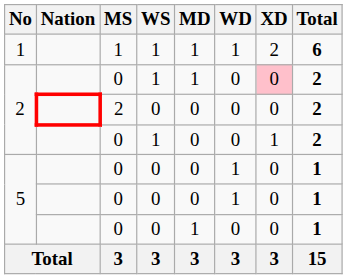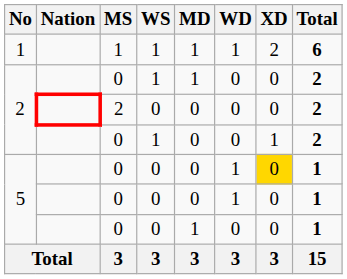 <table class="wikitable" style="text-align:center">
 <tr>
 <th>No</th>
 <th>Nation</th>
 <th>MS</th>
 <th>WS</th>
 <th>MD</th>
 <th>WD</th>
 <th>XD</th>
 <th>Total</th>
 </tr>
 <tr>
 <td>1</td>
 <td align=left></td>
 <td>1</td>
 <td>1</td>
 <td>1</td>
 <td>1</td>
 <td>2</td>
 <td><strong>6</strong></td>
 </tr>
 <tr>
 <td rowspan=3>2</td>
 <td align=left></td>
 <td>0</td>
 <td>1</td>
 <td>1</td>
 <td>0</td>
-<td style="background: pink;">0</td>
+<td>0</td>
 <td><strong>2</strong></td>
 </tr>
 <tr>
 <td align="left" style="border: 3px solid red"><strong></strong></td>
 <td>2</td>
 <td>0</td>
 <td>0</td>
 <td>0</td>
 <td>0</td>
 <td><strong>2</strong></td>
 </tr>
 <tr>
 <td align=left></td>
 <td>0</td>
 <td>1</td>
 <td>0</td>
 <td>0</td>
 <td>1</td>
 <td><strong>2</strong></td>
 </tr>
 <tr>
 <td rowspan="3">5</td>
 <td align=left></td>
 <td>0</td>
 <td>0</td>
 <td>0</td>
 <td>1</td>
-<td>0</td>
+<td style="background: gold;">0</td>
 <td><strong>1</strong></td>
 </tr>
 <tr>
 <td align=left></td>
 <td>0</td>
 <td>0</td>
 <td>0</td>
 <td>1</td>
 <td>0</td>
 <td><strong>1</strong></td>
 </tr>
 <tr>
 <td align=left></td>
 <td>0</td>
 <td>0</td>
 <td>1</td>
 <td>0</td>
 <td>0</td>
 <td><strong>1</strong></td>
 </tr>
 <tr>
 <th colspan="2">Total</th>
 <th>3</th>
 <th>3</th>
 <th>3</th>
 <th>3</th>
 <th>3</th>
 <th>15</th>
 </tr>
 </table>
